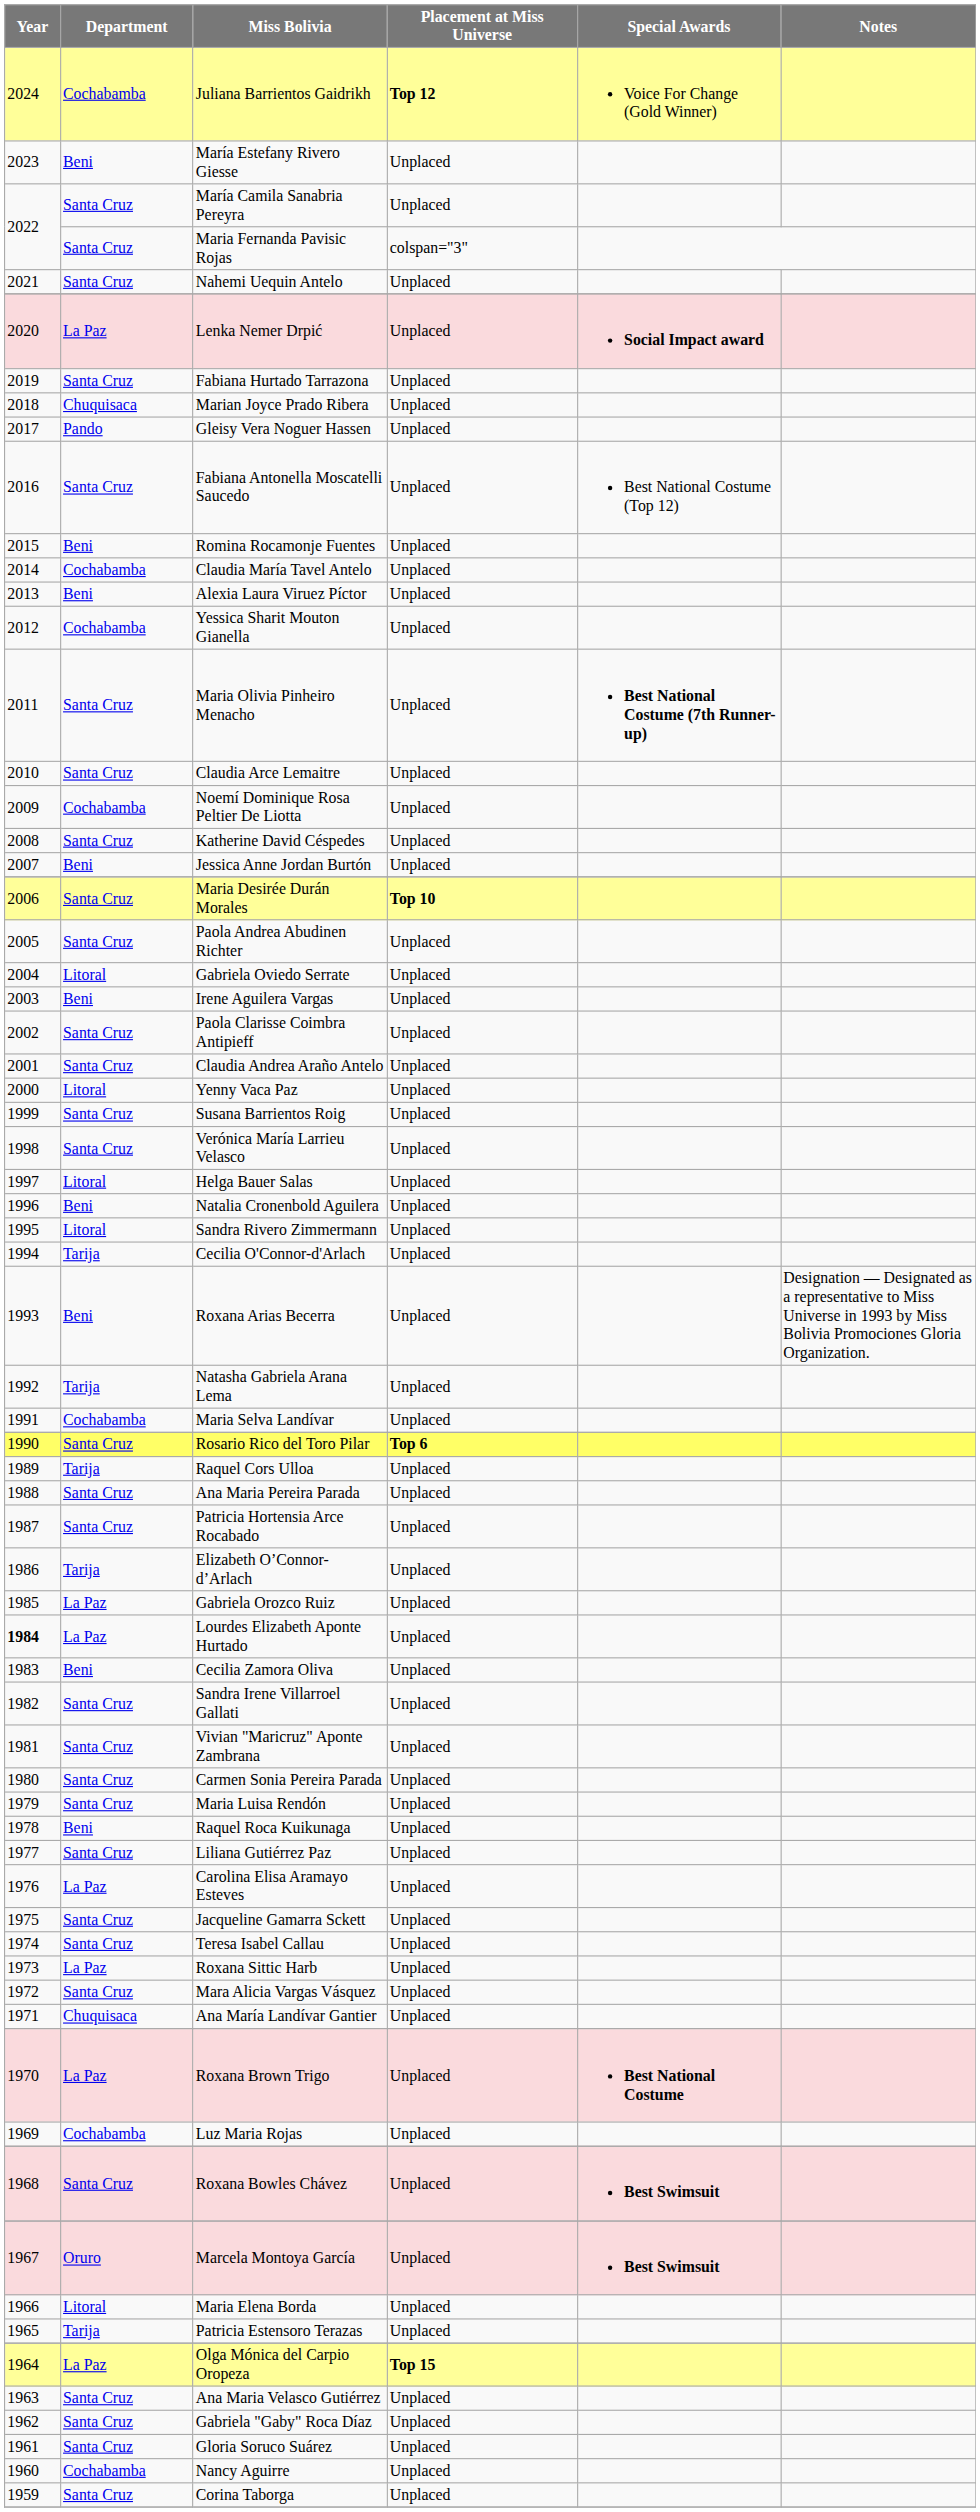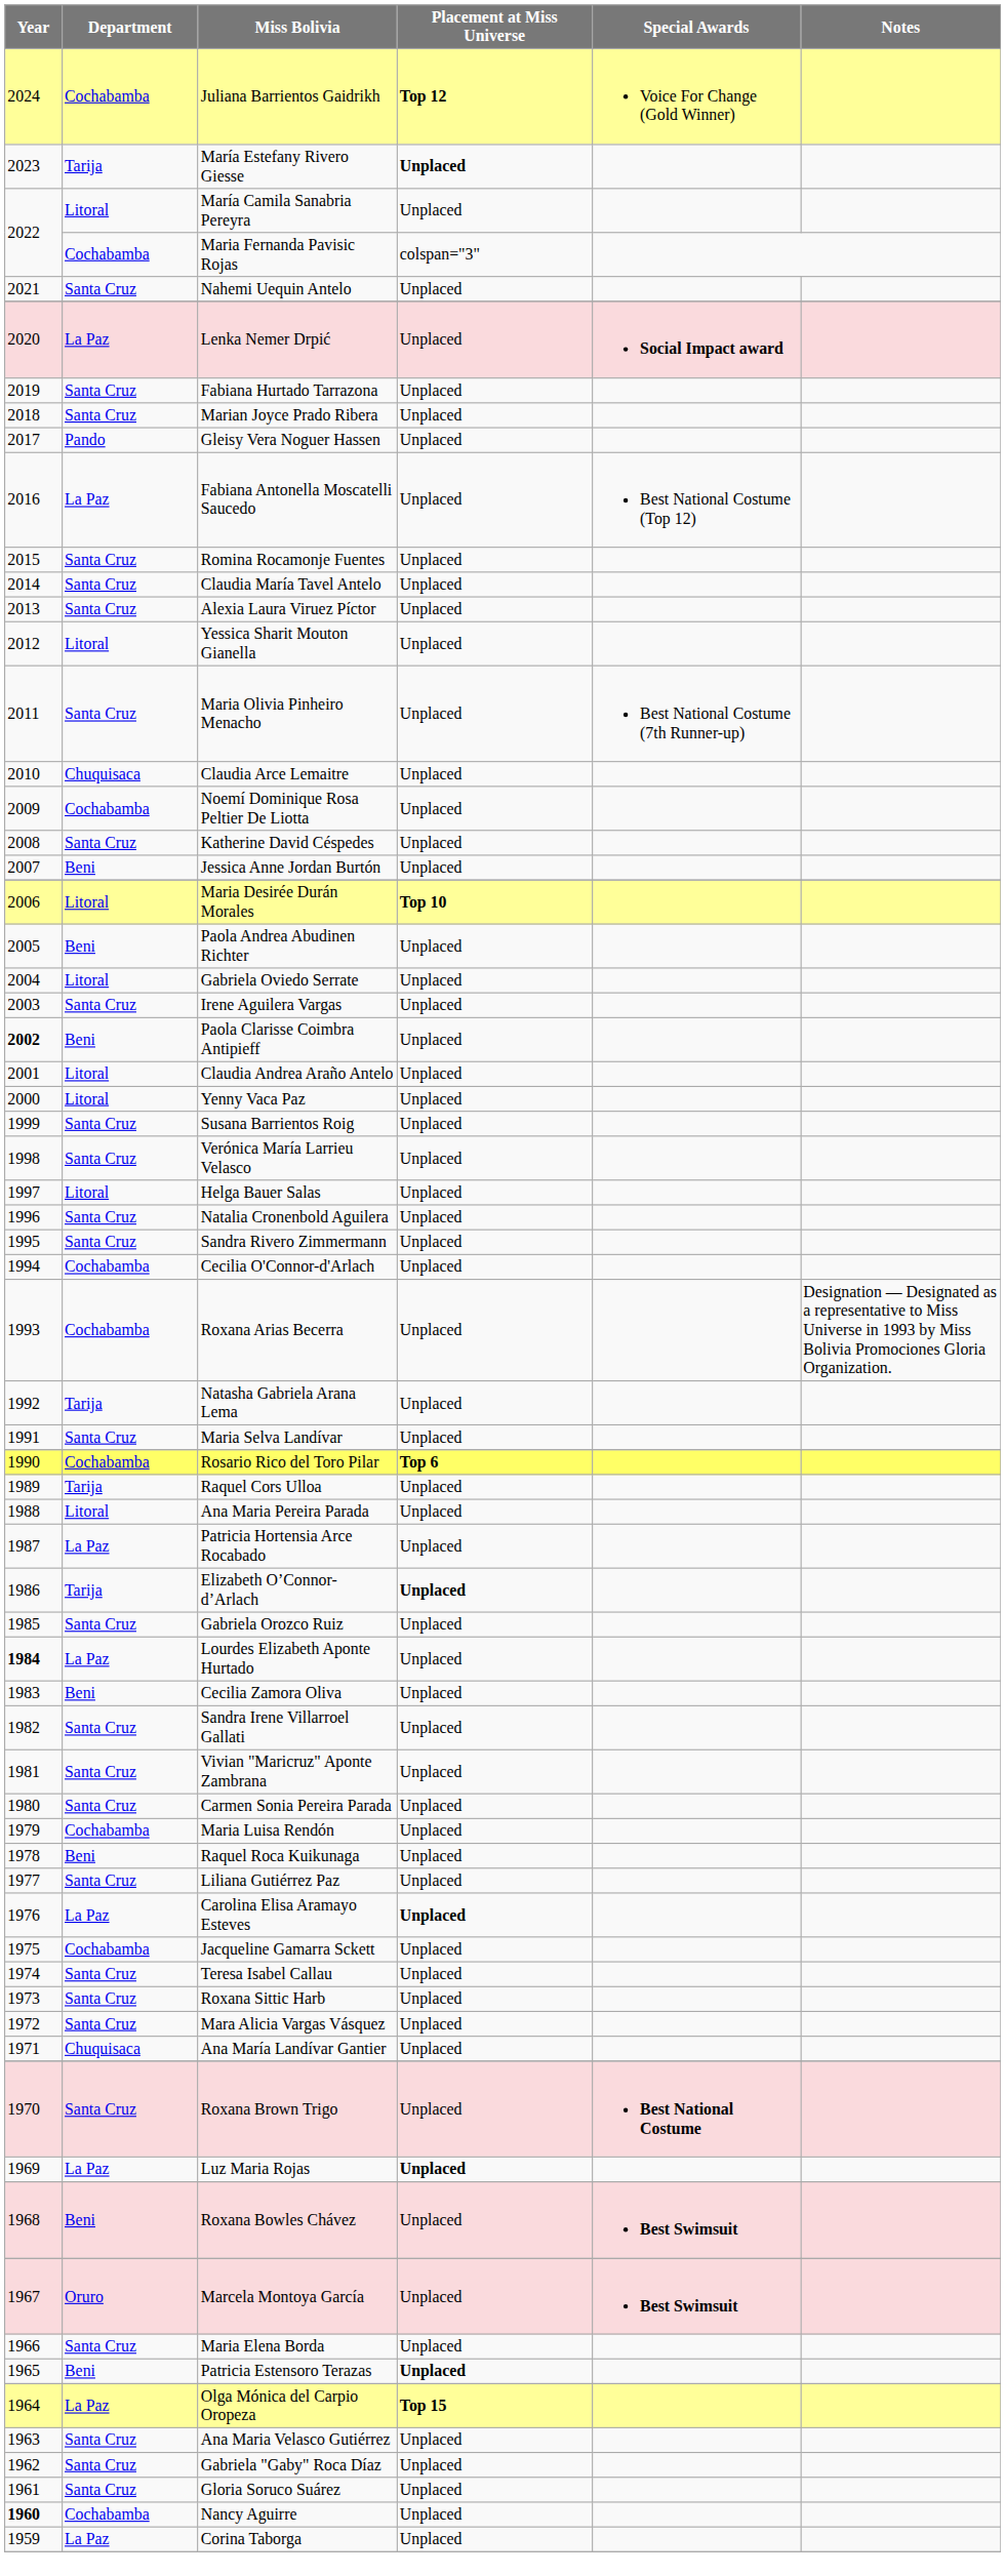 <table class="sortable" border="5" cellpadding="2" cellspacing="0" align=" 0 1em 0 0" style="background: #f9f9f9; border: 1px #aaa solid; border-collapse: collapse; font-size: 90%">
 <tr>
 <th width="60" style="background-color:#787878;color:#FFFFFF;">Year</th>
 <th width="150" style="background-color:#787878;color:#FFFFFF;">Department</th>
 <th width="250" style="background-color:#787878;color:#FFFFFF;">Miss Bolivia</th>
 <th width="250" style="background-color:#787878;color:#FFFFFF;">Placement at Miss Universe</th>
 <th width="250" style="background-color:#787878;color:#FFFFFF;">Special Awards</th>
 <th width="250" style="background-color:#787878;color:#FFFFFF;">Notes</th>
 </tr>
 <tr style="background-color:#FFFF99;">
 <td>2024</td>
 <td><a href='#'>Cochabamba</a></td>
 <td>Juliana Barrientos Gaidrikh</td>
 <td><strong>Top 12</strong></td>
 <td><br><ul><li>Voice For Change (Gold Winner)</li></ul></td>
 <td></td>
 </tr>
 <tr>
 <td>2023</td>
-<td><a href='#'>Beni</a></td>
+<td><a href='#'>Tarija</a></td>
 <td>María Estefany Rivero Giesse</td>
-<td>Unplaced</td>
+<td><strong>Unplaced</strong></td>
 <td></td>
 <td></td>
 </tr>
 <tr>
 <td rowspan="2">2022</td>
-<td><a href='#'>Santa Cruz</a></td>
+<td><a href='#'>Litoral</a></td>
 <td>María Camila Sanabria Pereyra</td>
 <td>Unplaced</td>
 <td></td>
 <td></td>
 </tr>
 <tr>
-<td><a href='#'>Santa Cruz</a></td>
+<td><a href='#'>Cochabamba</a></td>
 <td>Maria Fernanda Pavisic Rojas</td>
 <td>colspan="3" </td>
 </tr>
 <tr>
 <td>2021</td>
 <td><a href='#'>Santa Cruz</a></td>
 <td>Nahemi Uequin Antelo</td>
 <td>Unplaced</td>
 <td></td>
 <td></td>
 </tr>
 <tr>
 </tr>
 <tr style="background-color:#FADADD; ">
 <td>2020</td>
 <td><a href='#'>La Paz</a></td>
 <td>Lenka Nemer Drpić</td>
 <td>Unplaced</td>
 <td align="left"><br><ul><li><strong>Social Impact award</strong></li></ul></td>
 <td></td>
 </tr>
 <tr>
 <td>2019</td>
 <td><a href='#'>Santa Cruz</a></td>
 <td>Fabiana Hurtado Tarrazona</td>
 <td>Unplaced</td>
 <td></td>
 <td></td>
 </tr>
 <tr>
 <td>2018</td>
-<td><a href='#'>Chuquisaca</a></td>
+<td><a href='#'>Santa Cruz</a></td>
 <td>Marian Joyce Prado Ribera</td>
 <td>Unplaced</td>
 <td></td>
 <td></td>
 </tr>
 <tr>
 <td>2017</td>
 <td><a href='#'>Pando</a></td>
 <td>Gleisy Vera Noguer Hassen</td>
 <td>Unplaced</td>
 <td></td>
 <td></td>
 </tr>
 <tr>
 <td>2016</td>
-<td><a href='#'>Santa Cruz</a></td>
+<td><a href='#'>La Paz</a></td>
 <td>Fabiana Antonella Moscatelli Saucedo</td>
 <td>Unplaced</td>
 <td align="left"><br><ul><li>Best National Costume (Top 12)</li></ul></td>
 <td></td>
 </tr>
 <tr>
 <td>2015</td>
-<td><a href='#'>Beni</a></td>
+<td><a href='#'>Santa Cruz</a></td>
 <td>Romina Rocamonje Fuentes</td>
 <td>Unplaced</td>
 <td></td>
 <td></td>
 </tr>
 <tr>
 <td>2014</td>
-<td><a href='#'>Cochabamba</a></td>
+<td><a href='#'>Santa Cruz</a></td>
 <td>Claudia María Tavel Antelo</td>
 <td>Unplaced</td>
 <td></td>
 <td></td>
 </tr>
 <tr>
 <td>2013</td>
-<td><a href='#'>Beni</a></td>
+<td><a href='#'>Santa Cruz</a></td>
 <td>Alexia Laura Viruez Píctor</td>
 <td>Unplaced</td>
 <td></td>
 <td></td>
 </tr>
 <tr>
 <td>2012</td>
-<td><a href='#'>Cochabamba</a></td>
+<td><a href='#'>Litoral</a></td>
 <td>Yessica Sharit Mouton Gianella</td>
 <td>Unplaced</td>
 <td></td>
 <td></td>
 </tr>
 <tr>
 <td>2011</td>
 <td><a href='#'>Santa Cruz</a></td>
 <td>Maria Olivia Pinheiro Menacho</td>
 <td>Unplaced</td>
-<td align="left"><strong><br><ul><li>Best National Costume (7th Runner-up)</li></ul></strong></td>
+<td align="left"><br><ul><li>Best National Costume (7th Runner-up)</li></ul></td>
 <td></td>
 </tr>
 <tr>
 <td>2010</td>
-<td><a href='#'>Santa Cruz</a></td>
+<td><a href='#'>Chuquisaca</a></td>
 <td>Claudia Arce Lemaitre</td>
 <td>Unplaced</td>
 <td></td>
 <td></td>
 </tr>
 <tr>
 <td>2009</td>
 <td><a href='#'>Cochabamba</a></td>
 <td>Noemí Dominique Rosa Peltier De Liotta</td>
 <td>Unplaced</td>
 <td></td>
 <td></td>
 </tr>
 <tr>
 <td>2008</td>
 <td><a href='#'>Santa Cruz</a></td>
 <td>Katherine David Céspedes</td>
 <td>Unplaced</td>
 <td></td>
 <td></td>
 </tr>
 <tr>
 <td>2007</td>
 <td><a href='#'>Beni</a></td>
 <td>Jessica Anne Jordan Burtón</td>
 <td>Unplaced</td>
 <td></td>
 <td></td>
 </tr>
 <tr>
 </tr>
 <tr style="background-color:#FFFF99; ">
 <td>2006</td>
-<td><a href='#'>Santa Cruz</a></td>
+<td><a href='#'>Litoral</a></td>
 <td>Maria Desirée Durán Morales</td>
 <td><strong>Top 10</strong></td>
 <td></td>
 <td></td>
 </tr>
 <tr>
 <td>2005</td>
-<td><a href='#'>Santa Cruz</a></td>
+<td><a href='#'>Beni</a></td>
 <td>Paola Andrea Abudinen Richter</td>
 <td>Unplaced</td>
 <td></td>
 <td></td>
 </tr>
 <tr>
 <td>2004</td>
 <td><a href='#'>Litoral</a></td>
 <td>Gabriela Oviedo Serrate</td>
 <td>Unplaced</td>
 <td></td>
 <td></td>
 </tr>
 <tr>
 <td>2003</td>
-<td><a href='#'>Beni</a></td>
+<td><a href='#'>Santa Cruz</a></td>
 <td>Irene Aguilera Vargas</td>
 <td>Unplaced</td>
 <td></td>
 <td></td>
 </tr>
 <tr>
-<td>2002</td>
-<td><a href='#'>Santa Cruz</a></td>
+<td><strong>2002</strong></td>
+<td><a href='#'>Beni</a></td>
 <td>Paola Clarisse Coimbra Antipieff</td>
 <td>Unplaced</td>
 <td></td>
 <td></td>
 </tr>
 <tr>
 <td>2001</td>
-<td><a href='#'>Santa Cruz</a></td>
+<td><a href='#'>Litoral</a></td>
 <td>Claudia Andrea Araño Antelo</td>
 <td>Unplaced</td>
 <td></td>
 <td></td>
 </tr>
 <tr>
 <td>2000</td>
 <td><a href='#'>Litoral</a></td>
 <td>Yenny Vaca Paz</td>
 <td>Unplaced</td>
 <td></td>
 <td></td>
 </tr>
 <tr>
 <td>1999</td>
 <td><a href='#'>Santa Cruz</a></td>
 <td>Susana Barrientos Roig</td>
 <td>Unplaced</td>
 <td></td>
 <td></td>
 </tr>
 <tr>
 <td>1998</td>
 <td><a href='#'>Santa Cruz</a></td>
 <td>Verónica María Larrieu Velasco</td>
 <td>Unplaced</td>
 <td></td>
 <td></td>
 </tr>
 <tr>
 <td>1997</td>
 <td><a href='#'>Litoral</a></td>
 <td>Helga Bauer Salas</td>
 <td>Unplaced</td>
 <td></td>
 <td></td>
 </tr>
 <tr>
 <td>1996</td>
-<td><a href='#'>Beni</a></td>
+<td><a href='#'>Santa Cruz</a></td>
 <td>Natalia Cronenbold Aguilera</td>
 <td>Unplaced</td>
 <td></td>
 <td></td>
 </tr>
 <tr>
 <td>1995</td>
-<td><a href='#'>Litoral</a></td>
+<td><a href='#'>Santa Cruz</a></td>
 <td>Sandra Rivero Zimmermann</td>
 <td>Unplaced</td>
 <td></td>
 <td></td>
 </tr>
 <tr>
 <td>1994</td>
-<td><a href='#'>Tarija</a></td>
+<td><a href='#'>Cochabamba</a></td>
 <td>Cecilia O'Connor-d'Arlach</td>
 <td>Unplaced</td>
 <td></td>
 <td></td>
 </tr>
 <tr>
 <td>1993</td>
-<td><a href='#'>Beni</a></td>
+<td><a href='#'>Cochabamba</a></td>
 <td>Roxana Arias Becerra</td>
 <td>Unplaced</td>
 <td></td>
 <td>Designation — Designated as a representative to Miss Universe in 1993 by Miss Bolivia Promociones Gloria Organization.</td>
 </tr>
 <tr>
 <td>1992</td>
 <td><a href='#'>Tarija</a></td>
 <td>Natasha Gabriela Arana Lema</td>
 <td>Unplaced</td>
 <td></td>
 <td></td>
 </tr>
 <tr>
 <td>1991</td>
-<td><a href='#'>Cochabamba</a></td>
+<td><a href='#'>Santa Cruz</a></td>
 <td>Maria Selva Landívar</td>
 <td>Unplaced</td>
 <td></td>
 <td></td>
 </tr>
 <tr>
 </tr>
 <tr style="background-color:#FFFF66; ">
 <td>1990</td>
-<td><a href='#'>Santa Cruz</a></td>
+<td><a href='#'>Cochabamba</a></td>
 <td>Rosario Rico del Toro Pilar</td>
 <td><strong>Top 6</strong></td>
 <td></td>
 <td></td>
 </tr>
 <tr>
 <td>1989</td>
 <td><a href='#'>Tarija</a></td>
 <td>Raquel Cors Ulloa</td>
 <td>Unplaced</td>
 <td></td>
 <td></td>
 </tr>
 <tr>
 <td>1988</td>
-<td><a href='#'>Santa Cruz</a></td>
+<td><a href='#'>Litoral</a></td>
 <td>Ana Maria Pereira Parada</td>
 <td>Unplaced</td>
 <td></td>
 <td></td>
 </tr>
 <tr>
 <td>1987</td>
-<td><a href='#'>Santa Cruz</a></td>
+<td><a href='#'>La Paz</a></td>
 <td>Patricia Hortensia Arce Rocabado</td>
 <td>Unplaced</td>
 <td></td>
 <td></td>
 </tr>
 <tr>
 <td>1986</td>
 <td><a href='#'>Tarija</a></td>
 <td>Elizabeth O’Connor-d’Arlach</td>
-<td>Unplaced</td>
+<td><strong>Unplaced</strong></td>
 <td></td>
 <td></td>
 </tr>
 <tr>
 <td>1985</td>
-<td><a href='#'>La Paz</a></td>
+<td><a href='#'>Santa Cruz</a></td>
 <td>Gabriela Orozco Ruiz</td>
 <td>Unplaced</td>
 <td></td>
 <td></td>
 </tr>
 <tr>
 <td><strong>1984</strong></td>
 <td><a href='#'>La Paz</a></td>
 <td>Lourdes Elizabeth Aponte Hurtado</td>
 <td>Unplaced</td>
 <td></td>
 <td></td>
 </tr>
 <tr>
 <td>1983</td>
 <td><a href='#'>Beni</a></td>
 <td>Cecilia Zamora Oliva</td>
 <td>Unplaced</td>
 <td></td>
 <td></td>
 </tr>
 <tr>
 <td>1982</td>
 <td><a href='#'>Santa Cruz</a></td>
 <td>Sandra Irene Villarroel Gallati</td>
 <td>Unplaced</td>
 <td></td>
 <td></td>
 </tr>
 <tr>
 <td>1981</td>
 <td><a href='#'>Santa Cruz</a></td>
 <td>Vivian "Maricruz" Aponte Zambrana</td>
 <td>Unplaced</td>
 <td></td>
 <td></td>
 </tr>
 <tr>
 <td>1980</td>
 <td><a href='#'>Santa Cruz</a></td>
 <td>Carmen Sonia Pereira Parada</td>
 <td>Unplaced</td>
 <td></td>
 <td></td>
 </tr>
 <tr>
 <td>1979</td>
-<td><a href='#'>Santa Cruz</a></td>
+<td><a href='#'>Cochabamba</a></td>
 <td>Maria Luisa Rendón</td>
 <td>Unplaced</td>
 <td></td>
 <td></td>
 </tr>
 <tr>
 <td>1978</td>
 <td><a href='#'>Beni</a></td>
 <td>Raquel Roca Kuikunaga</td>
 <td>Unplaced</td>
 <td></td>
 <td></td>
 </tr>
 <tr>
 <td>1977</td>
 <td><a href='#'>Santa Cruz</a></td>
 <td>Liliana Gutiérrez Paz</td>
 <td>Unplaced</td>
 <td></td>
 <td></td>
 </tr>
 <tr>
 <td>1976</td>
 <td><a href='#'>La Paz</a></td>
 <td>Carolina Elisa Aramayo Esteves</td>
-<td>Unplaced</td>
+<td><strong>Unplaced</strong></td>
 <td></td>
 <td></td>
 </tr>
 <tr>
 <td>1975</td>
-<td><a href='#'>Santa Cruz</a></td>
+<td><a href='#'>Cochabamba</a></td>
 <td>Jacqueline Gamarra Sckett</td>
 <td>Unplaced</td>
 <td></td>
 <td></td>
 </tr>
 <tr>
 <td>1974</td>
 <td><a href='#'>Santa Cruz</a></td>
 <td>Teresa Isabel Callau</td>
 <td>Unplaced</td>
 <td></td>
 <td></td>
 </tr>
 <tr>
 <td>1973</td>
-<td><a href='#'>La Paz</a></td>
+<td><a href='#'>Santa Cruz</a></td>
 <td>Roxana Sittic Harb</td>
 <td>Unplaced</td>
 <td></td>
 <td></td>
 </tr>
 <tr>
 <td>1972</td>
 <td><a href='#'>Santa Cruz</a></td>
 <td>Mara Alicia Vargas Vásquez</td>
 <td>Unplaced</td>
 <td></td>
 <td></td>
 </tr>
 <tr>
 <td>1971</td>
 <td><a href='#'>Chuquisaca</a></td>
 <td>Ana María Landívar Gantier</td>
 <td>Unplaced</td>
 <td></td>
 <td></td>
 </tr>
 <tr>
 </tr>
 <tr style="background-color:#FADADD; ">
 <td>1970</td>
-<td><a href='#'>La Paz</a></td>
+<td><a href='#'>Santa Cruz</a></td>
 <td>Roxana Brown Trigo</td>
 <td>Unplaced</td>
 <td align="left"><br><ul><li><strong>Best National Costume</strong></li></ul></td>
 <td></td>
 </tr>
 <tr>
 <td>1969</td>
-<td><a href='#'>Cochabamba</a></td>
+<td><a href='#'>La Paz</a></td>
 <td>Luz Maria Rojas</td>
-<td>Unplaced</td>
+<td><strong>Unplaced</strong></td>
 <td></td>
 <td></td>
 </tr>
 <tr>
 </tr>
 <tr style="background-color:#FADADD; ">
 <td>1968</td>
-<td><a href='#'>Santa Cruz</a></td>
+<td><a href='#'>Beni</a></td>
 <td>Roxana Bowles Chávez</td>
 <td>Unplaced</td>
 <td align="left"><br><ul><li><strong>Best Swimsuit</strong></li></ul></td>
 <td></td>
 </tr>
 <tr>
 </tr>
 <tr style="background-color:#FADADD; ">
 <td>1967</td>
 <td><a href='#'>Oruro</a></td>
 <td>Marcela Montoya García</td>
 <td>Unplaced</td>
 <td align="left"><br><ul><li><strong>Best Swimsuit</strong></li></ul></td>
 <td></td>
 </tr>
 <tr>
 <td>1966</td>
-<td><a href='#'>Litoral</a></td>
+<td><a href='#'>Santa Cruz</a></td>
 <td>Maria Elena Borda</td>
 <td>Unplaced</td>
 <td></td>
 <td></td>
 </tr>
 <tr>
 <td>1965</td>
-<td><a href='#'>Tarija</a></td>
+<td><a href='#'>Beni</a></td>
 <td>Patricia Estensoro Terazas</td>
-<td>Unplaced</td>
+<td><strong>Unplaced</strong></td>
 <td></td>
 <td></td>
 </tr>
 <tr>
 </tr>
 <tr style="background-color:#FFFF99; ">
 <td>1964</td>
 <td><a href='#'>La Paz</a></td>
 <td>Olga Mónica del Carpio Oropeza</td>
 <td><strong>Top 15</strong></td>
 <td></td>
 <td></td>
 </tr>
 <tr>
 <td>1963</td>
 <td><a href='#'>Santa Cruz</a></td>
 <td>Ana Maria Velasco Gutiérrez</td>
 <td>Unplaced</td>
 <td></td>
 <td></td>
 </tr>
 <tr>
 <td>1962</td>
 <td><a href='#'>Santa Cruz</a></td>
 <td>Gabriela "Gaby" Roca Díaz</td>
 <td>Unplaced</td>
 <td></td>
 <td></td>
 </tr>
 <tr>
 <td>1961</td>
 <td><a href='#'>Santa Cruz</a></td>
 <td>Gloria Soruco Suárez</td>
 <td>Unplaced</td>
 <td></td>
 <td></td>
 </tr>
 <tr>
-<td>1960</td>
+<td><strong>1960</strong></td>
 <td><a href='#'>Cochabamba</a></td>
 <td>Nancy Aguirre</td>
 <td>Unplaced</td>
 <td></td>
 <td></td>
 </tr>
 <tr>
 <td>1959</td>
-<td><a href='#'>Santa Cruz</a></td>
+<td><a href='#'>La Paz</a></td>
 <td>Corina Taborga</td>
 <td>Unplaced</td>
 <td></td>
 <td></td>
 </tr>
 <tr>
 </tr>
 </table>
